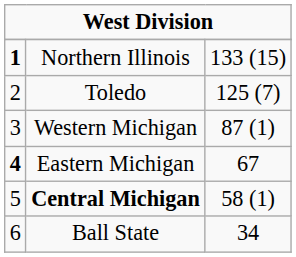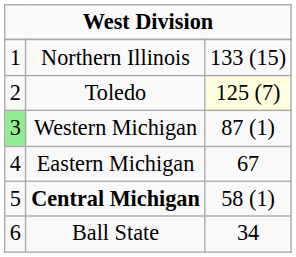 <table class="wikitable">
 <tr align="center">
 <td align="center" Colspan="3"><strong>West Division</strong></td>
 </tr>
 <tr align="center">
 </tr>
 <tr align="center">
-<td><strong>1</strong></td>
+<td>1</td>
 <td>Northern Illinois</td>
 <td>133 (15)</td>
 </tr>
 <tr align="center">
 <td>2</td>
 <td>Toledo</td>
-<td>125 (7)</td>
+<td style="background: lightyellow;">125 (7)</td>
 </tr>
 <tr align="center">
-<td>3</td>
+<td style="background: lightgreen;">3</td>
 <td>Western Michigan</td>
 <td>87 (1)</td>
 </tr>
 <tr align="center">
-<td><strong>4</strong></td>
+<td>4</td>
 <td>Eastern Michigan</td>
 <td>67</td>
 </tr>
 <tr align="center">
 <td>5</td>
 <td><strong>Central Michigan</strong></td>
 <td>58 (1)</td>
 </tr>
 <tr align="center">
 <td>6</td>
 <td>Ball State</td>
 <td>34</td>
 </tr>
 </table>
